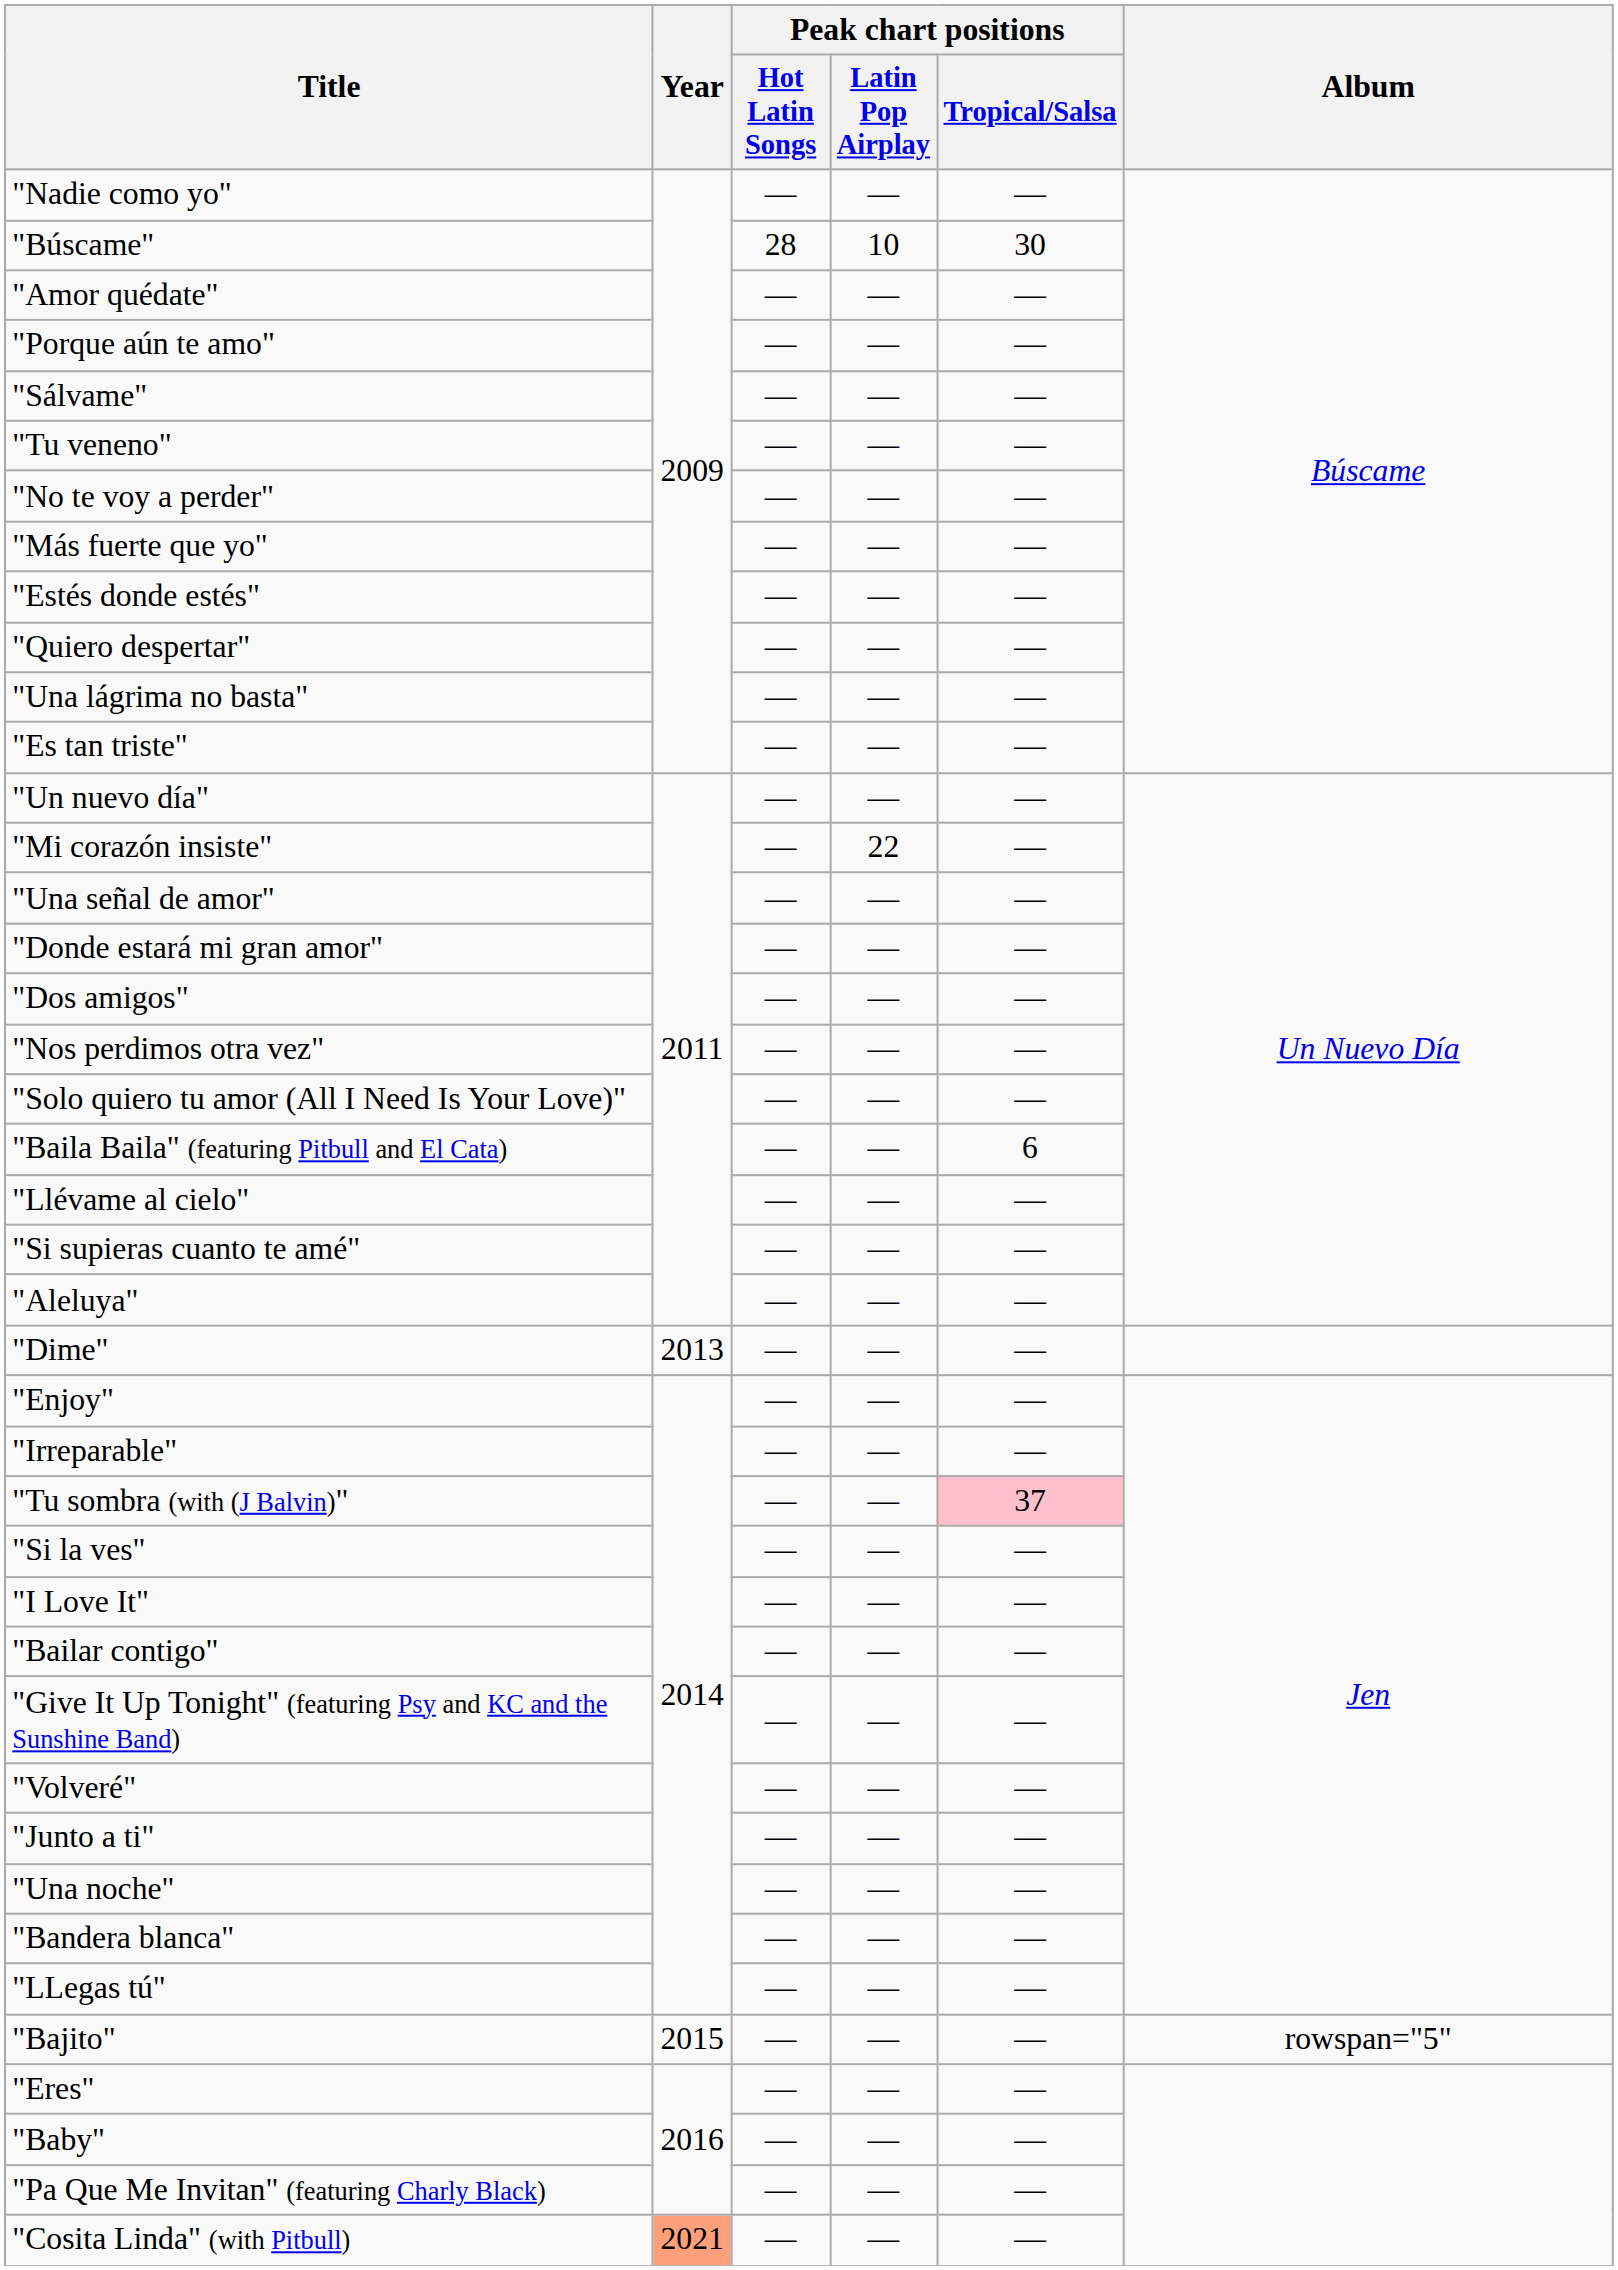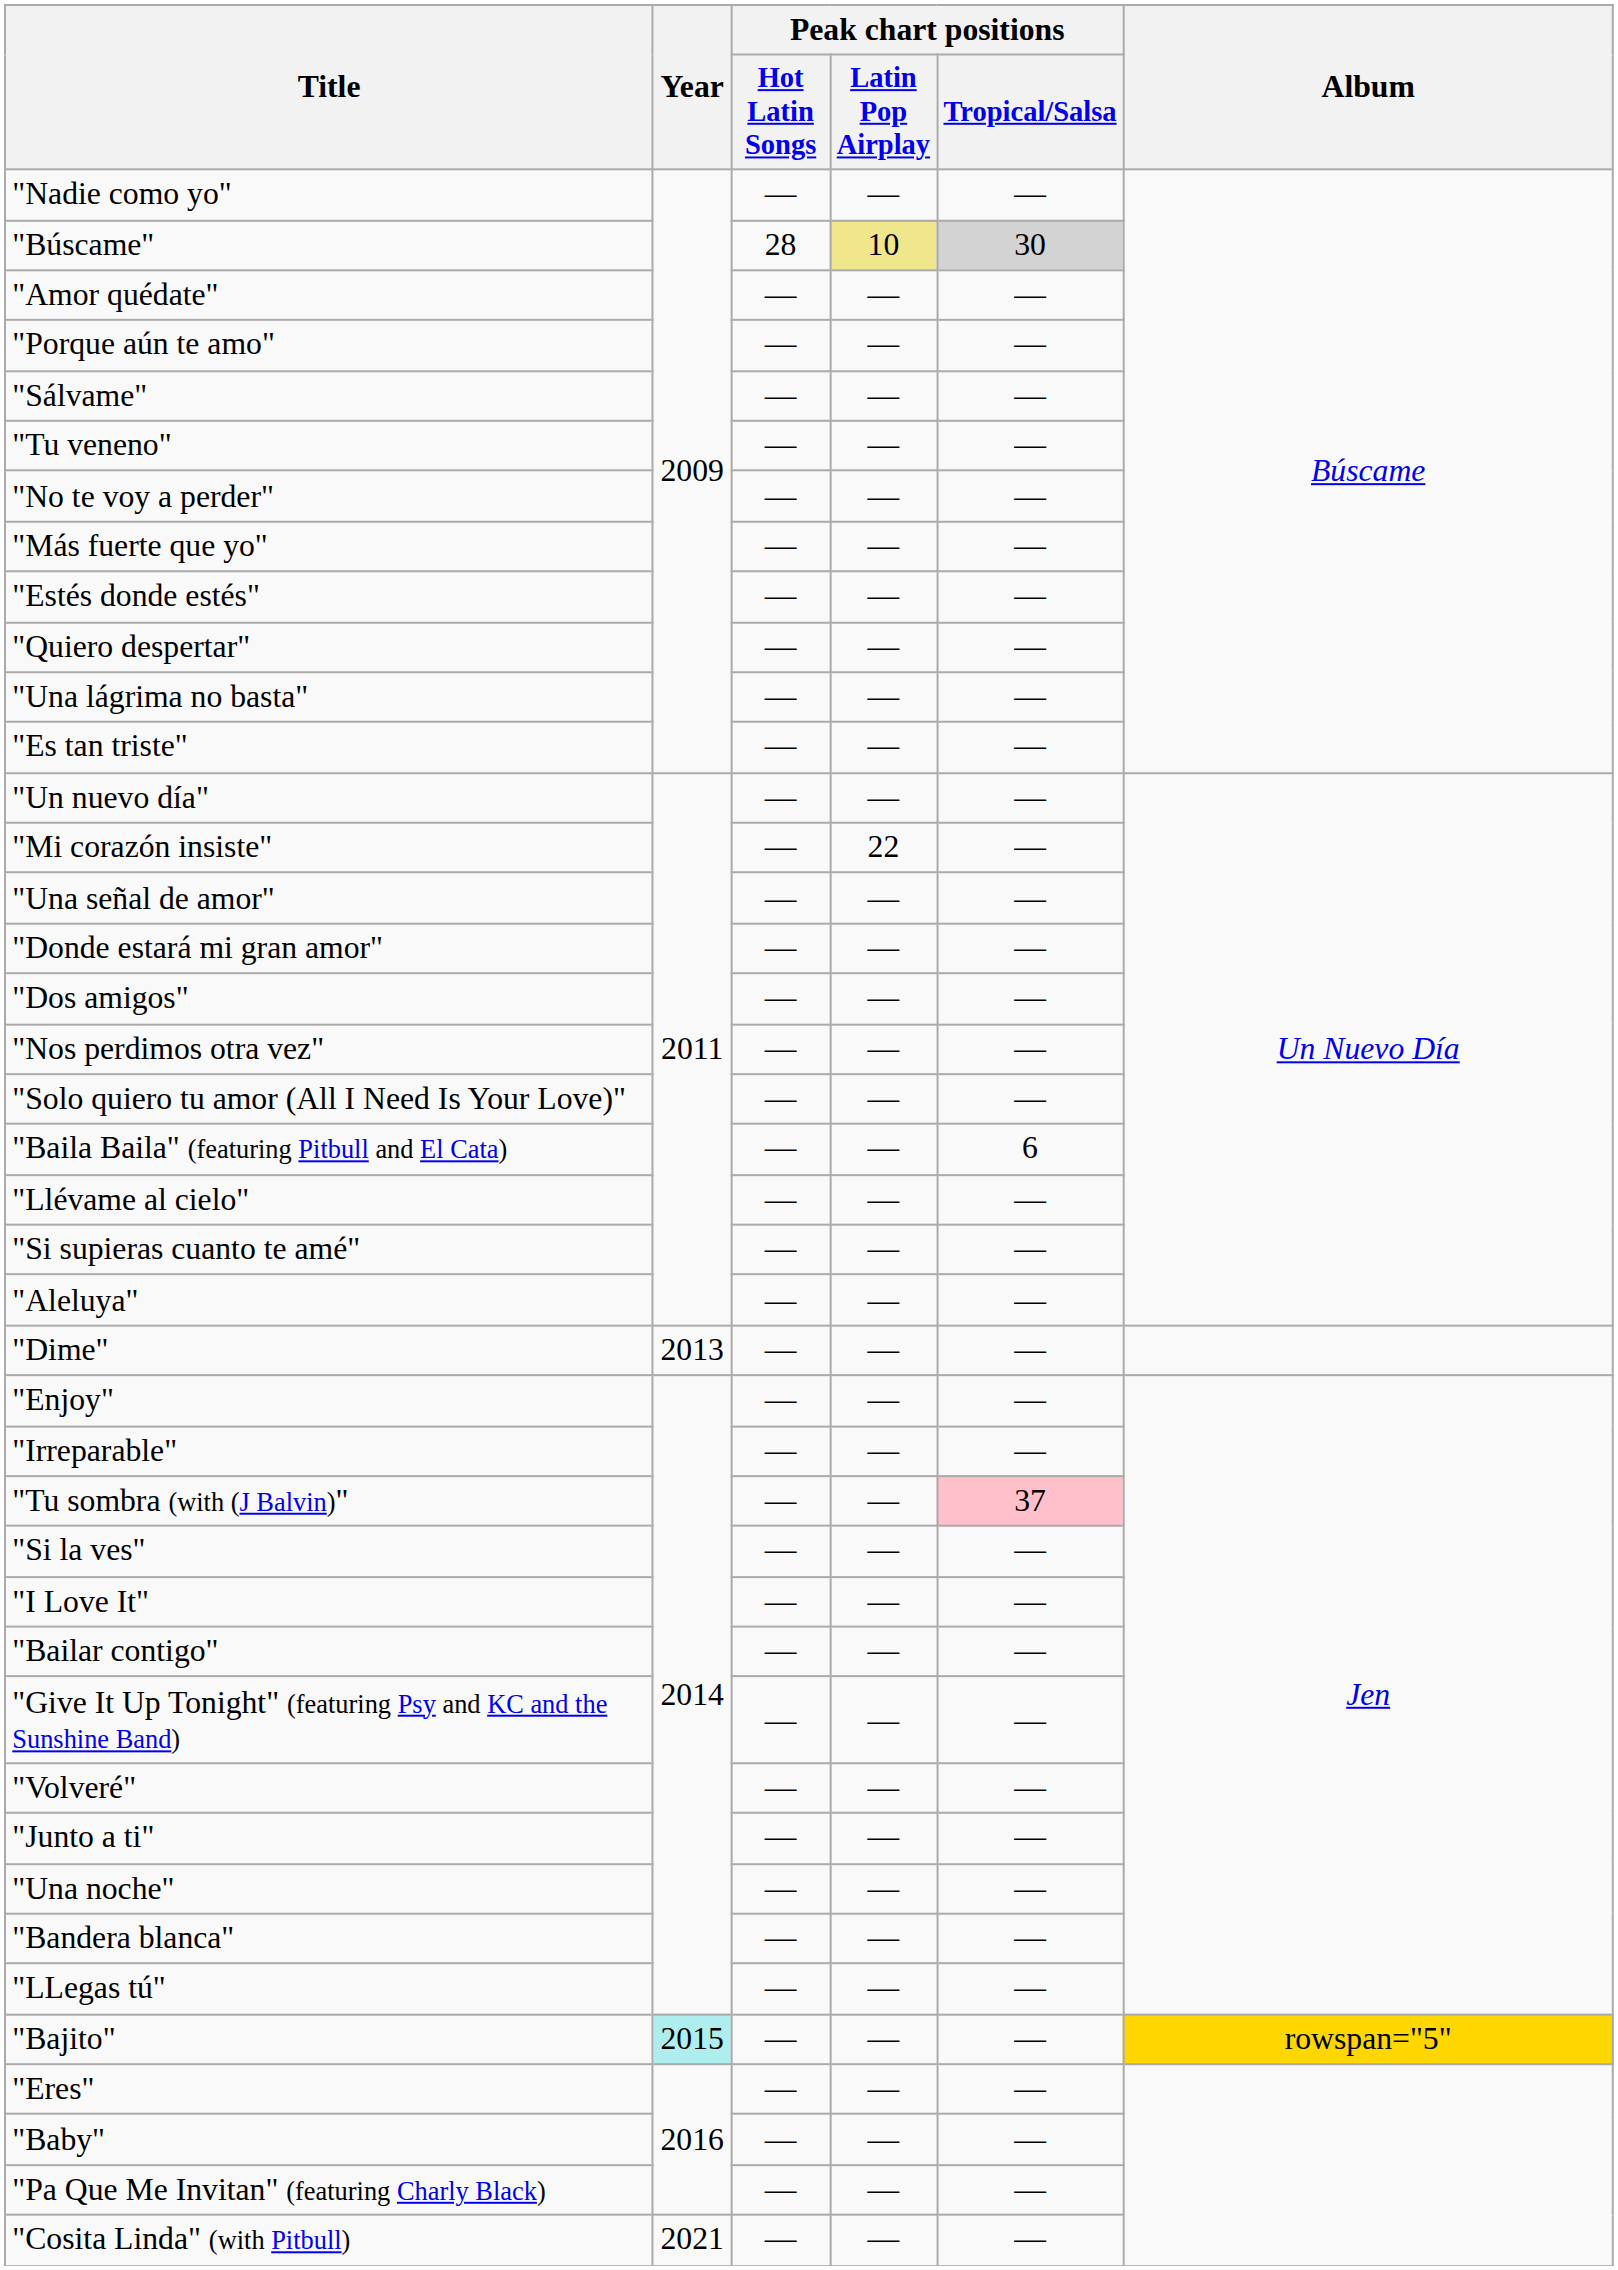 <table class="wikitable" style="text-align:center;" border="1">
 <tr>
 <th scope="col" rowspan="2" style="width:20em;">Title</th>
 <th scope="col" rowspan="2" style="width:2em;">Year</th>
 <th scope="col" colspan="3">Peak chart positions</th>
 <th scope="col" rowspan="2" style="width:15em;">Album</th>
 </tr>
 <tr>
 <th scope="col" style="width:3em;font-size:90%;"><a href='#'>Hot Latin Songs</a></th>
 <th scope="col" style="width:3em;font-size:90%;"><a href='#'>Latin Pop Airplay</a></th>
 <th scope="col" style="width:3em;font-size:90%;"><a href='#'>Tropical/Salsa</a></th>
 </tr>
 <tr>
 <td align="left">"Nadie como yo"</td>
 <td rowspan="12">2009</td>
 <td align="center">—</td>
 <td align="center">—</td>
 <td align="center">—</td>
 <td rowspan="12"><em><a href='#'>Búscame</a></em></td>
 </tr>
 <tr>
 <td align="left">"Búscame"</td>
 <td align="center">28</td>
-<td align="center">10</td>
-<td align="center">30</td>
+<td align="center" style="background: khaki;">10</td>
+<td align="center" style="background: lightgrey;">30</td>
 </tr>
 <tr>
 <td align="left">"Amor quédate"</td>
 <td align="center">—</td>
 <td align="center">—</td>
 <td align="center">—</td>
 </tr>
 <tr>
 <td align="left">"Porque aún te amo"</td>
 <td align="center">—</td>
 <td align="center">—</td>
 <td align="center">—</td>
 </tr>
 <tr>
 <td align="left">"Sálvame"</td>
 <td align="center">—</td>
 <td align="center">—</td>
 <td align="center">—</td>
 </tr>
 <tr>
 <td align="left">"Tu veneno"</td>
 <td align="center">—</td>
 <td align="center">—</td>
 <td align="center">—</td>
 </tr>
 <tr>
 <td align="left">"No te voy a perder"</td>
 <td align="center">—</td>
 <td align="center">—</td>
 <td align="center">—</td>
 </tr>
 <tr>
 <td align="left">"Más fuerte que yo"</td>
 <td align="center">—</td>
 <td align="center">—</td>
 <td align="center">—</td>
 </tr>
 <tr>
 <td align="left">"Estés donde estés"</td>
 <td align="center">—</td>
 <td align="center">—</td>
 <td align="center">—</td>
 </tr>
 <tr>
 <td align="left">"Quiero despertar"</td>
 <td align="center">—</td>
 <td align="center">—</td>
 <td align="center">—</td>
 </tr>
 <tr>
 <td align="left">"Una lágrima no basta"</td>
 <td align="center">—</td>
 <td align="center">—</td>
 <td align="center">—</td>
 </tr>
 <tr>
 <td align="left">"Es tan triste"</td>
 <td align="center">—</td>
 <td align="center">—</td>
 <td align="center">—</td>
 </tr>
 <tr>
 <td align="left">"Un nuevo día"</td>
 <td rowspan="11">2011</td>
 <td align="center">—</td>
 <td align="center">—</td>
 <td align="center">—</td>
 <td rowspan="11"><em><a href='#'>Un Nuevo Día</a></em></td>
 </tr>
 <tr>
 <td align="left">"Mi corazón insiste"</td>
 <td align="center">—</td>
 <td align="center">22</td>
 <td align="center">—</td>
 </tr>
 <tr>
 <td align="left">"Una señal de amor"</td>
 <td align="center">—</td>
 <td align="center">—</td>
 <td align="center">—</td>
 </tr>
 <tr>
 <td align="left">"Donde estará mi gran amor"</td>
 <td align="center">—</td>
 <td align="center">—</td>
 <td align="center">—</td>
 </tr>
 <tr>
 <td align="left">"Dos amigos"</td>
 <td align="center">—</td>
 <td align="center">—</td>
 <td align="center">—</td>
 </tr>
 <tr>
 <td align="left">"Nos perdimos otra vez"</td>
 <td align="center">—</td>
 <td align="center">—</td>
 <td align="center">—</td>
 </tr>
 <tr>
 <td align="left">"Solo quiero tu amor (All I Need Is Your Love)"</td>
 <td align="center">—</td>
 <td align="center">—</td>
 <td align="center">—</td>
 </tr>
 <tr>
 <td align="left">"Baila Baila" <small>(featuring <a href='#'>Pitbull</a> and <a href='#'>El Cata</a>)</small></td>
 <td align="center">—</td>
 <td align="center">—</td>
 <td align="center">6</td>
 </tr>
 <tr>
 <td align="left">"Llévame al cielo"</td>
 <td align="center">—</td>
 <td align="center">—</td>
 <td align="center">—</td>
 </tr>
 <tr>
 <td align="left">"Si supieras cuanto te amé"</td>
 <td align="center">—</td>
 <td align="center">—</td>
 <td align="center">—</td>
 </tr>
 <tr>
 <td align="left">"Aleluya"</td>
 <td align="center">—</td>
 <td align="center">—</td>
 <td align="center">—</td>
 </tr>
 <tr>
 <td align="left">"Dime"</td>
 <td rowspan="1">2013</td>
 <td align="center">—</td>
 <td align="center">—</td>
 <td align="center">—</td>
 <td></td>
 </tr>
 <tr>
 <td align="left">"Enjoy"</td>
 <td rowspan="12">2014</td>
 <td align="center">—</td>
 <td align="center">—</td>
 <td align="center">—</td>
 <td rowspan="12"><em><a href='#'>Jen</a></em></td>
 </tr>
 <tr>
 <td align="left">"Irreparable"</td>
 <td align="center">—</td>
 <td align="center">—</td>
 <td align="center">—</td>
 </tr>
 <tr>
 <td align="left">"Tu sombra <small>(with (<a href='#'>J Balvin</a>)</small>"</td>
 <td align="center">—</td>
 <td align="center">—</td>
 <td align="center" style="background: pink;">37</td>
 </tr>
 <tr>
 <td align="left">"Si la ves"</td>
 <td align="center">—</td>
 <td align="center">—</td>
 <td align="center">—</td>
 </tr>
 <tr>
 <td align="left">"I Love It"</td>
 <td align="center">—</td>
 <td align="center">—</td>
 <td align="center">—</td>
 </tr>
 <tr>
 <td align="left">"Bailar contigo"</td>
 <td align="center">—</td>
 <td align="center">—</td>
 <td align="center">—</td>
 </tr>
 <tr>
 <td align="left">"Give It Up Tonight" <small>(featuring <a href='#'>Psy</a> and <a href='#'>KC and the Sunshine Band</a>)</small></td>
 <td align="center">—</td>
 <td align="center">—</td>
 <td align="center">—</td>
 </tr>
 <tr>
 <td align="left">"Volveré"</td>
 <td align="center">—</td>
 <td align="center">—</td>
 <td align="center">—</td>
 </tr>
 <tr>
 <td align="left">"Junto a ti"</td>
 <td align="center">—</td>
 <td align="center">—</td>
 <td align="center">—</td>
 </tr>
 <tr>
 <td align="left">"Una noche"</td>
 <td align="center">—</td>
 <td align="center">—</td>
 <td align="center">—</td>
 </tr>
 <tr>
 <td align="left">"Bandera blanca"</td>
 <td align="center">—</td>
 <td align="center">—</td>
 <td align="center">—</td>
 </tr>
 <tr>
 <td align="left">"LLegas tú"</td>
 <td align="center">—</td>
 <td align="center">—</td>
 <td align="center">—</td>
 </tr>
 <tr>
 <td align="left">"Bajito"</td>
-<td rowspan="1">2015</td>
+<td rowspan="1" style="background: paleturquoise;">2015</td>
 <td align="center">—</td>
 <td align="center">—</td>
 <td align="center">—</td>
-<td>rowspan="5" </td>
+<td style="background: gold;">rowspan="5" </td>
 </tr>
 <tr>
 <td align="left">"Eres"</td>
 <td rowspan="3">2016</td>
 <td align="center">—</td>
 <td align="center">—</td>
 <td align="center">—</td>
 </tr>
 <tr>
 <td align="left">"Baby"</td>
 <td align="center">—</td>
 <td align="center">—</td>
 <td align="center">—</td>
 </tr>
 <tr>
 <td align="left">"Pa Que Me Invitan" <small>(featuring <a href='#'>Charly Black</a>)</small></td>
 <td align="center">—</td>
 <td align="center">—</td>
 <td align="center">—</td>
 </tr>
 <tr>
 <td align="left">"Cosita Linda" <small>(with <a href='#'>Pitbull</a>)</small></td>
-<td rowspan="1" style="background: lightsalmon;">2021</td>
+<td rowspan="1">2021</td>
 <td align="center">—</td>
 <td align="center">—</td>
 <td align="center">—</td>
 </tr>
 </table>
